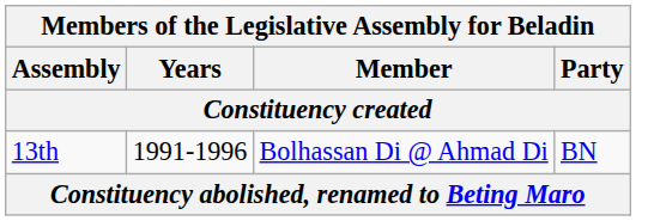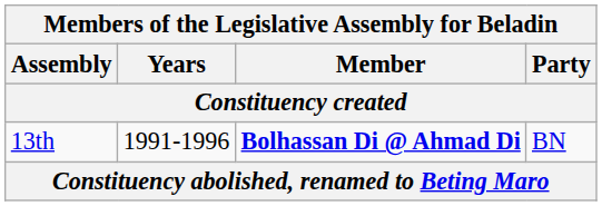 <table class=wikitable>
 <tr>
 <th colspan=5>Members of the Legislative Assembly for Beladin</th>
 </tr>
 <tr>
 <th>Assembly</th>
 <th>Years</th>
 <th>Member</th>
 <th>Party</th>
 </tr>
 <tr>
 <th colspan=4 align=center><em>Constituency created</em></th>
 </tr>
 <tr>
 <td><a href='#'>13th</a></td>
 <td>1991-1996</td>
-<td><a href='#'>Bolhassan Di @ Ahmad Di</a></td>
+<td><strong><a href='#'>Bolhassan Di @ Ahmad Di</a></strong></td>
 <td><a href='#'>BN</a></td>
 </tr>
 <tr>
 <th colspan=4 align=center><em>Constituency abolished, renamed to <a href='#'>Beting Maro</a></em></th>
 </tr>
 </table>
